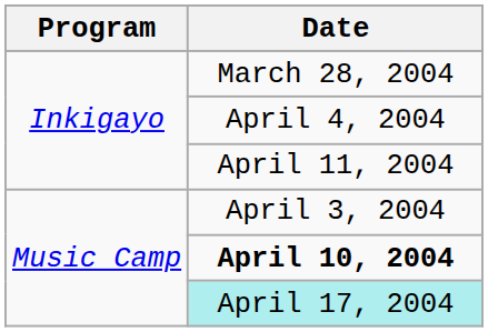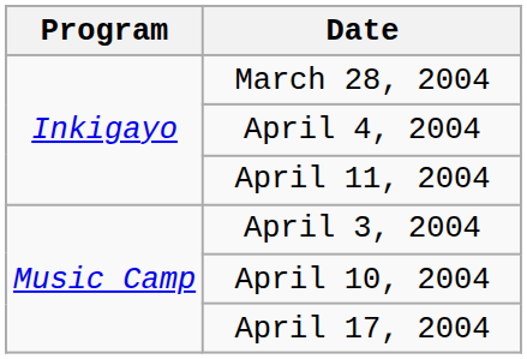 <table class="wikitable" style="text-align:center">
 <tr>
 <th>Program</th>
 <th width="130">Date</th>
 </tr>
 <tr>
 <td rowspan="3"><em><a href='#'>Inkigayo</a></em></td>
 <td>March 28, 2004</td>
 </tr>
 <tr>
 <td>April 4, 2004</td>
 </tr>
 <tr>
 <td>April 11, 2004</td>
 </tr>
 <tr>
 <td rowspan="3"><a href='#'><em>Music Camp</em></a></td>
 <td>April 3, 2004</td>
 </tr>
 <tr>
-<td><strong>April 10, 2004</strong></td>
+<td>April 10, 2004</td>
 </tr>
 <tr>
-<td style="background: paleturquoise;">April 17, 2004</td>
+<td>April 17, 2004</td>
 </tr>
 </table>
